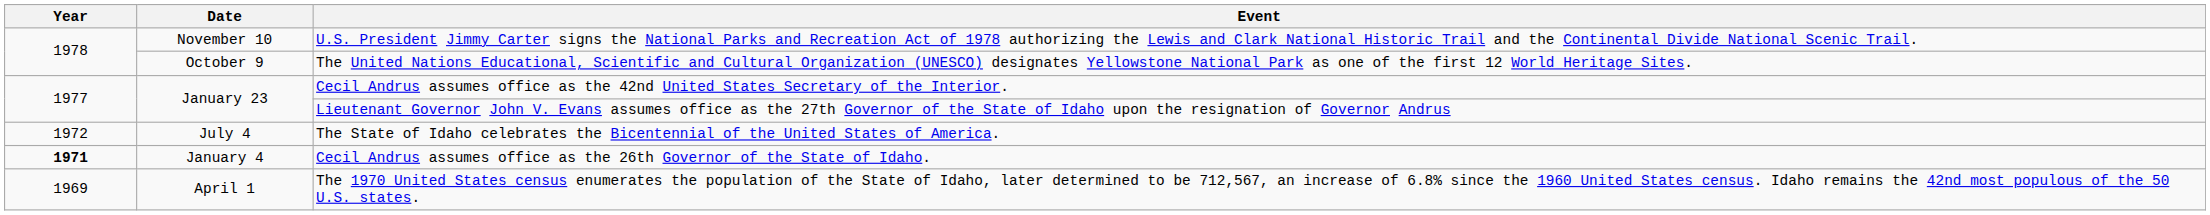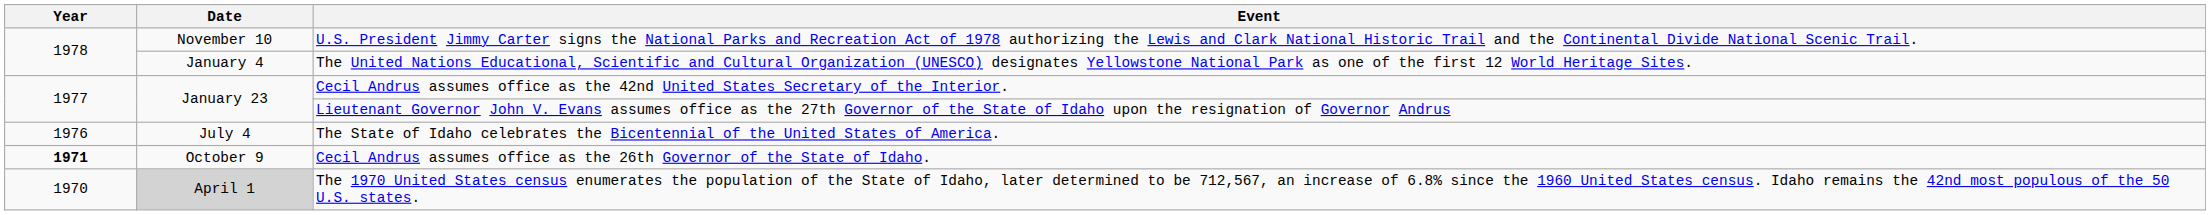 <table class="wikitable" style="width:100%;">
 <tr>
 <th style="width:6%">Year</th>
 <th style="width:8%">Date</th>
 <th style="width:86%">Event</th>
 </tr>
 <tr>
 <td align=center rowspan=2>1978</td>
 <td align=center>November 10</td>
 <td><a href='#'>U.S. President</a> <a href='#'>Jimmy Carter</a> signs the <a href='#'>National Parks and Recreation Act of 1978</a> authorizing the <a href='#'>Lewis and Clark National Historic Trail</a> and the <a href='#'>Continental Divide National Scenic Trail</a>.</td>
 </tr>
 <tr>
-<td align=center>October 9</td>
+<td align=center>January 4</td>
 <td>The <a href='#'>United Nations Educational, Scientific and Cultural Organization (UNESCO)</a> designates <a href='#'>Yellowstone National Park</a> as one of the first 12 <a href='#'>World Heritage Sites</a>.</td>
 </tr>
 <tr>
 <td align=center rowspan=2>1977</td>
 <td align=center rowspan=2>January 23</td>
 <td><a href='#'>Cecil Andrus</a> assumes office as the 42nd <a href='#'>United States Secretary of the Interior</a>.</td>
 </tr>
 <tr>
 <td><a href='#'>Lieutenant Governor</a> <a href='#'>John V. Evans</a> assumes office as the 27th <a href='#'>Governor of the State of Idaho</a> upon the resignation of <a href='#'>Governor</a> <a href='#'>Andrus</a></td>
 </tr>
 <tr>
-<td align=center rowspan=1>1972</td>
+<td align=center rowspan=1>1976</td>
 <td align=center>July 4</td>
 <td>The State of Idaho celebrates the <a href='#'>Bicentennial of the United States of America</a>.</td>
 </tr>
 <tr>
 <td align=center rowspan=1><strong>1971</strong></td>
-<td align=center>January 4</td>
+<td align=center>October 9</td>
 <td><a href='#'>Cecil Andrus</a> assumes office as the 26th <a href='#'>Governor of the State of Idaho</a>.</td>
 </tr>
 <tr>
-<td align=center rowspan=1>1969</td>
-<td align=center>April 1</td>
+<td align=center rowspan=1>1970</td>
+<td align=center style="background: lightgrey;">April 1</td>
 <td>The <a href='#'>1970 United States census</a> enumerates the population of the State of Idaho, later determined to be 712,567, an increase of 6.8% since the <a href='#'>1960 United States census</a>. Idaho remains the <a href='#'>42nd most populous of the 50 U.S. states</a>.</td>
 </tr>
 </table>
